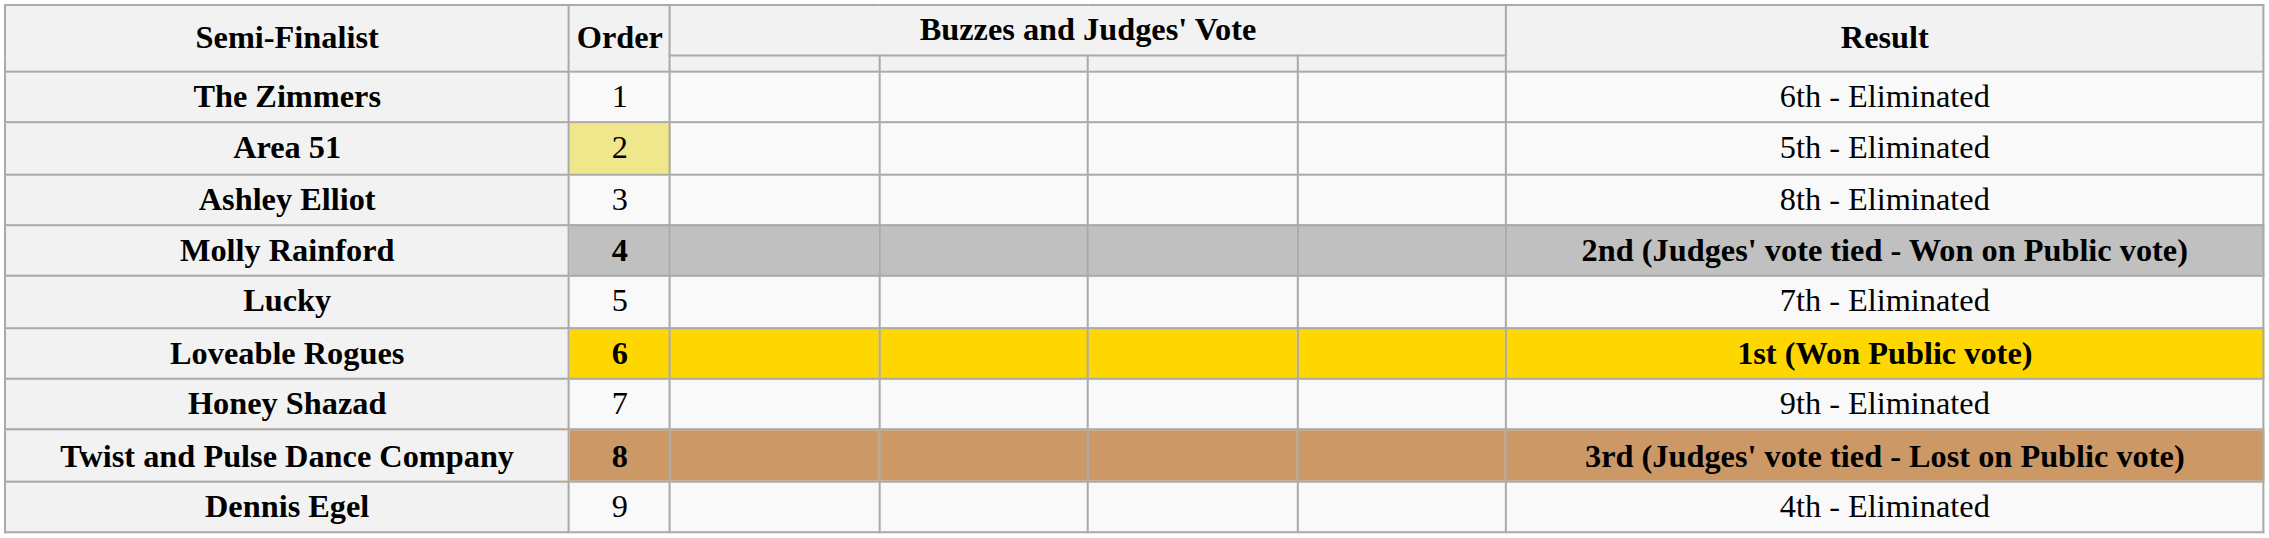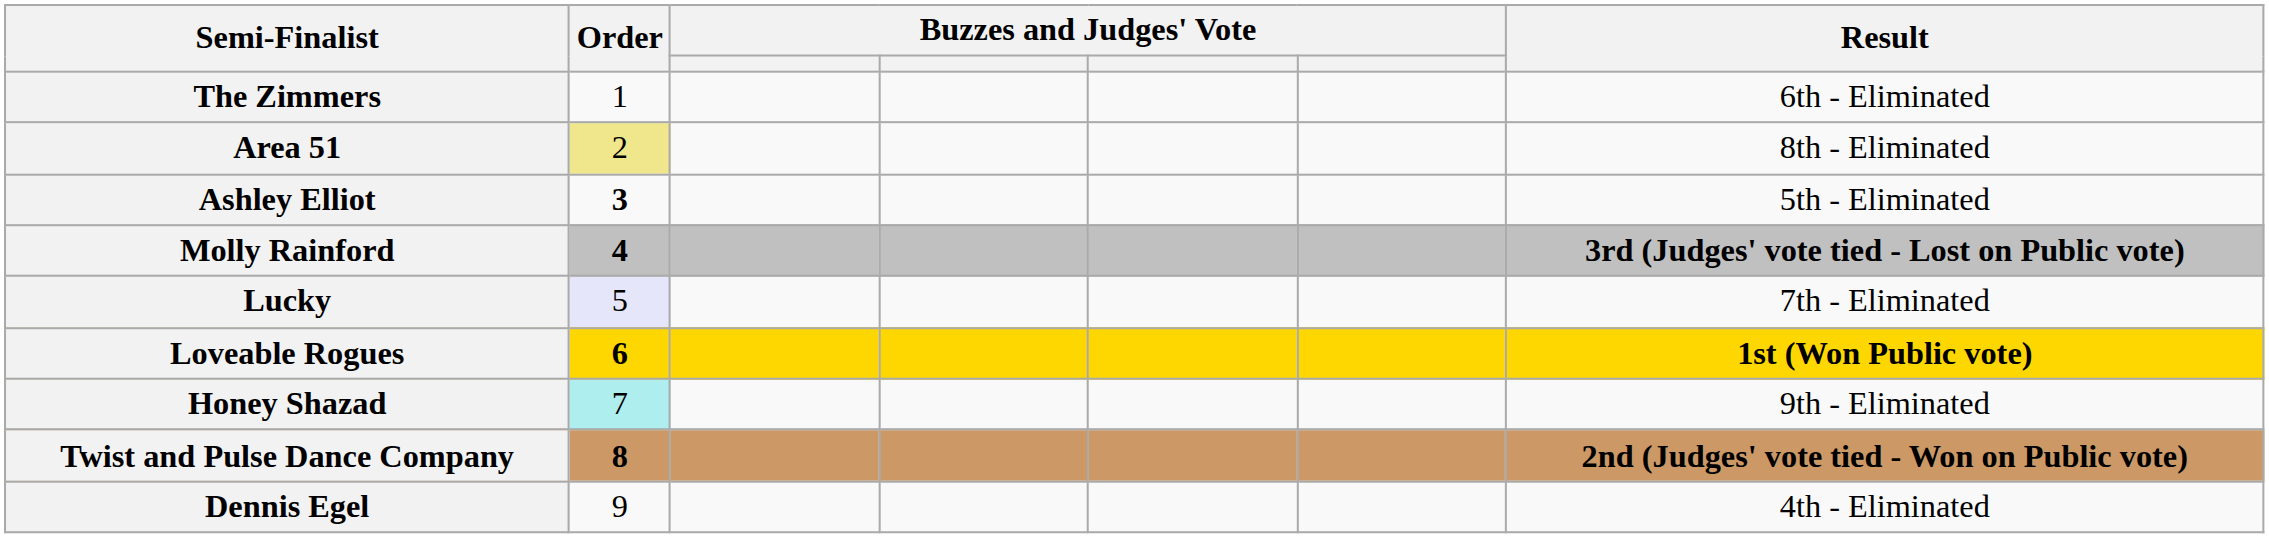 <table class="wikitable plainrowheaders sortable" style="text-align:center;">
 <tr>
 <th rowspan=2 class="unsortable" style="width:17em;">Semi-Finalist</th>
 <th rowspan=2 style="width:1em;">Order</th>
 <th colspan=4 class="unsortable" style="width:24em;">Buzzes and Judges' Vote</th>
 <th rowspan=2 style="width:23em;">Result </th>
 </tr>
 <tr>
 <th scope="col" class="unsortable" style="width:6em;"></th>
 <th scope="col" class="unsortable" style="width:6em;"></th>
 <th scope="col" class="unsortable" style="width:6em;"></th>
 <th scope="col" class="unsortable" style="width:6em;"></th>
 </tr>
 <tr>
 <th scope="row">The Zimmers</th>
 <td>1</td>
 <td style="text-align:center;"></td>
 <td style="text-align:center;"></td>
 <td style="text-align:center;"></td>
 <td style="text-align:center;"></td>
 <td>6th - Eliminated</td>
 </tr>
 <tr>
 <th scope="row">Area 51</th>
 <td style="background: khaki;">2</td>
 <td style="text-align:center;"></td>
 <td style="text-align:center;"></td>
 <td style="text-align:center;"></td>
 <td style="text-align:center;"></td>
-<td>5th - Eliminated</td>
+<td>8th - Eliminated</td>
 </tr>
 <tr>
 <th scope="row">Ashley Elliot</th>
-<td>3</td>
+<td><strong>3</strong></td>
 <td style="text-align:center;"></td>
 <td style="text-align:center;"></td>
 <td style="text-align:center;"></td>
 <td style="text-align:center;"></td>
-<td>8th - Eliminated</td>
+<td>5th - Eliminated</td>
 </tr>
 <tr bgcolor=silver>
 <th scope="row"><strong>Molly Rainford</strong></th>
 <td><strong>4</strong></td>
 <td style="text-align:center;"></td>
 <td style="text-align:center;"></td>
 <td style="text-align:center;"></td>
 <td style="text-align:center;"></td>
-<td><strong>2nd (Judges' vote tied - Won on Public vote)</strong></td>
+<td><strong>3rd (Judges' vote tied - Lost on Public vote)</strong></td>
 </tr>
 <tr>
 <th scope="row">Lucky</th>
-<td>5</td>
+<td style="background: lavender;">5</td>
 <td style="text-align:center;"></td>
 <td style="text-align:center;"></td>
 <td style="text-align:center;"></td>
 <td style="text-align:center;"></td>
 <td>7th - Eliminated</td>
 </tr>
 <tr bgcolor=gold>
 <th scope="row"><strong>Loveable Rogues</strong></th>
 <td><strong>6</strong></td>
 <td style="text-align:center;"></td>
 <td style="text-align:center;"></td>
 <td style="text-align:center;"></td>
 <td style="text-align:center;"></td>
 <td><strong>1st (Won Public vote)</strong></td>
 </tr>
 <tr>
 <th scope="row">Honey Shazad</th>
-<td>7</td>
+<td style="background: paleturquoise;">7</td>
 <td style="text-align:center;"></td>
 <td style="text-align:center;"></td>
 <td style="text-align:center;"></td>
 <td style="text-align:center;"></td>
 <td>9th - Eliminated</td>
 </tr>
 <tr bgcolor=#c96>
 <th scope="row"><strong>Twist and Pulse Dance Company</strong></th>
 <td><strong>8</strong></td>
 <td style="text-align:center;"></td>
 <td style="text-align:center;"></td>
 <td style="text-align:center;"></td>
 <td style="text-align:center;"></td>
-<td><strong>3rd (Judges' vote tied - Lost on Public vote)</strong></td>
+<td><strong>2nd (Judges' vote tied - Won on Public vote)</strong></td>
 </tr>
 <tr>
 <th scope="row">Dennis Egel</th>
 <td>9</td>
 <td style="text-align:center;"></td>
 <td style="text-align:center;"></td>
 <td style="text-align:center;"></td>
 <td style="text-align:center;"></td>
 <td>4th - Eliminated</td>
 </tr>
 </table>
